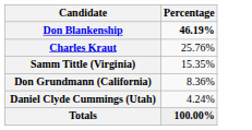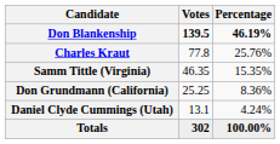 <table class="wikitable plainrowheaders" style="text-align:right;" border="1">
 <tr>
 <th scope="col" style="width:14em;">Candidate</th>
+<th scope="col">Votes</th>
 <th scope="col">Percentage</th>
 </tr>
 <tr>
 <th scope="row"><a href='#'>Don Blankenship</a></th>
+<td><strong>139.5</strong></td>
 <td><strong>46.19%</strong></td>
 </tr>
 <tr>
 <th scope="row"><a href='#'>Charles Kraut</a></th>
+<td>77.8</td>
 <td>25.76%</td>
 </tr>
 <tr>
 <th scope="row">Samm Tittle (Virginia)</th>
+<td>46.35</td>
 <td>15.35%</td>
 </tr>
 <tr>
 <th scope="row">Don Grundmann (California)</th>
+<td>25.25</td>
 <td>8.36%</td>
 </tr>
 <tr>
 <th scope="row">Daniel Clyde Cummings (Utah)</th>
+<td>13.1</td>
 <td>4.24%</td>
 </tr>
 <tr style="background:#eee;">
 <th scope="row"><strong>Totals</strong></th>
+<td><strong>302</strong></td>
 <td><strong>100.00%</strong></td>
 </tr>
 </table>
